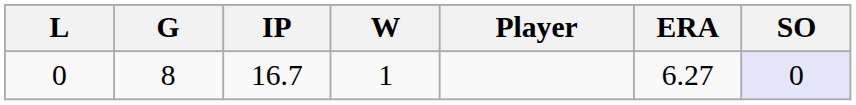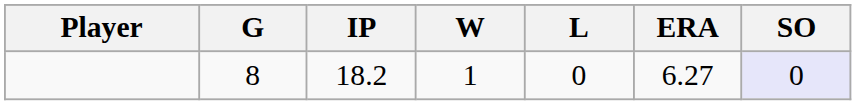 <table class="wikitable sortable">
 <tr>
-<th bgcolor="#DDDDFF" width="9%">L</th>
+<th bgcolor="#DDDDFF" width="16%">Player</th>
 <th bgcolor="#DDDDFF" width="9%">G</th>
 <th bgcolor="#DDDDFF" width="9%">IP</th>
 <th bgcolor="#DDDDFF" width="9%">W</th>
-<th bgcolor="#DDDDFF" width="16%">Player</th>
+<th bgcolor="#DDDDFF" width="9%">L</th>
 <th bgcolor="#DDDDFF" width="9%">ERA</th>
 <th bgcolor="#DDDDFF" width="9%">SO</th>
 </tr>
 <tr align="center">
+<td></td>
+<td>8</td>
+<td>18.2</td>
+<td>1</td>
 <td>0</td>
-<td>8</td>
-<td>16.7</td>
-<td>1</td>
-<td></td>
 <td>6.27</td>
 <td style="background: lavender;">0</td>
 </tr>
 </table>
